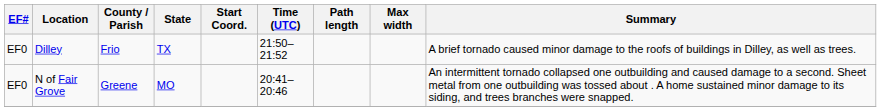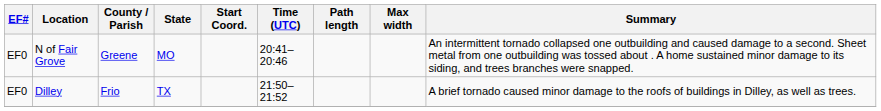 <table class="wikitable sortable" style="width:100%;">
 <tr>
 <th scope="col"  style="width:3%; text-align:center;"><a href='#'>EF#</a></th>
 <th scope="col"  style="width:7%; text-align:center;" class="unsortable">Location</th>
 <th scope="col"  style="width:6%; text-align:center;" class="unsortable">County / Parish</th>
 <th scope="col"  style="width:5%; text-align:center;">State</th>
 <th scope="col"  style="width:6%; text-align:center;">Start Coord.</th>
 <th scope="col"  style="width:6%; text-align:center;">Time (<a href='#'>UTC</a>)</th>
 <th scope="col"  style="width:6%; text-align:center;">Path length</th>
 <th scope="col"  style="width:6%; text-align:center;">Max width</th>
 <th scope="col" class="unsortable" style="width:48%; text-align:center;">Summary</th>
 </tr>
 <tr>
 <td>EF0</td>
+<td>N of <a href='#'>Fair Grove</a></td>
+<td><a href='#'>Greene</a></td>
+<td><a href='#'>MO</a></td>
+<td></td>
+<td>20:41–20:46</td>
+<td></td>
+<td></td>
+<td>An intermittent tornado collapsed one outbuilding and caused damage to a second. Sheet metal from one outbuilding was tossed about . A home sustained minor damage to its siding, and trees branches were snapped.</td>
+</tr>
+<tr>
+<td>EF0</td>
 <td><a href='#'>Dilley</a></td>
 <td><a href='#'>Frio</a></td>
 <td><a href='#'>TX</a></td>
 <td></td>
 <td>21:50–21:52</td>
 <td></td>
 <td></td>
 <td>A brief tornado caused minor damage to the roofs of buildings in Dilley, as well as trees.</td>
 </tr>
 <tr>
-<td>EF0</td>
-<td>N of <a href='#'>Fair Grove</a></td>
-<td><a href='#'>Greene</a></td>
-<td><a href='#'>MO</a></td>
-<td></td>
-<td>20:41–20:46</td>
-<td></td>
-<td></td>
-<td>An intermittent tornado collapsed one outbuilding and caused damage to a second. Sheet metal from one outbuilding was tossed about . A home sustained minor damage to its siding, and trees branches were snapped.</td>
-</tr>
-<tr>
 </tr>
 </table>
